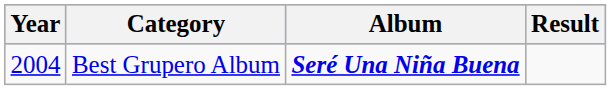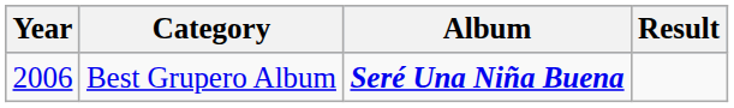 <table class="wikitable">
 <tr style="background:#b0c4de;">
 <th>Year</th>
 <th>Category</th>
 <th>Album</th>
 <th>Result</th>
 </tr>
 <tr>
-<td><a href='#'>2004</a></td>
+<td><a href='#'>2006</a></td>
 <td><a href='#'>Best Grupero Album</a></td>
 <td><strong><em><a href='#'>Seré Una Niña Buena</a></em></strong></td>
 <td></td>
 </tr>
 </table>
